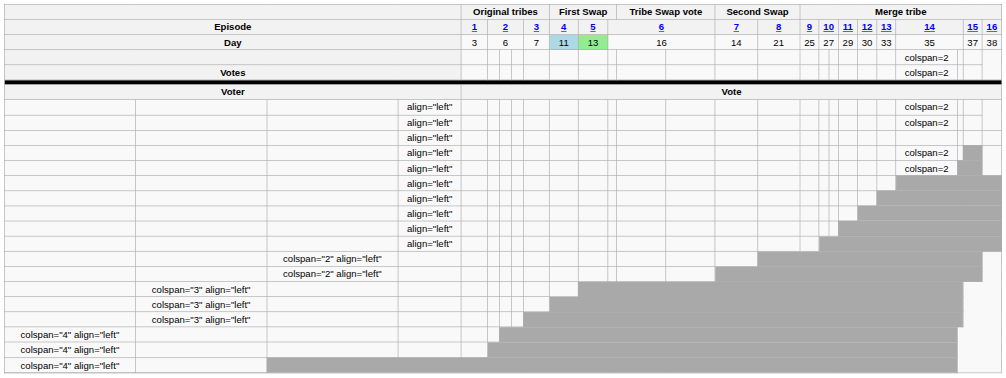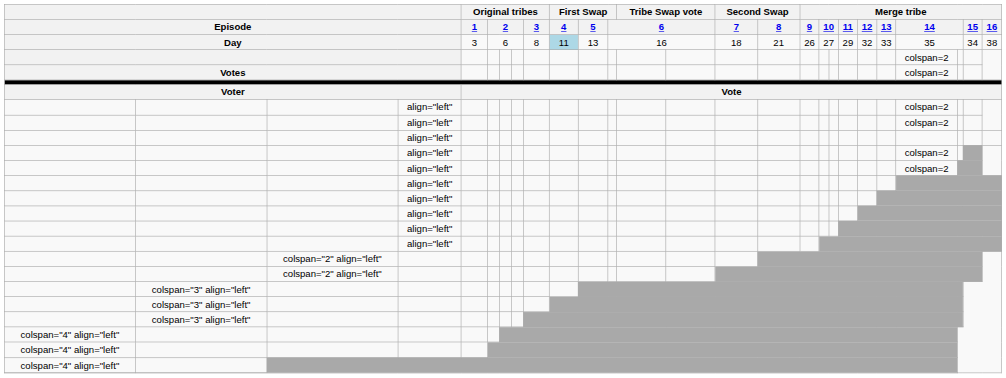 <table class="wikitable" style="text-align:center; font-size:95%; width:100%">
 <tr>
 <th colspan="4"></th>
 <th colspan="5">Original tribes</th>
 <th colspan="3">First Swap</th>
 <th colspan="2">Tribe Swap vote</th>
 <th colspan="2">Second Swap</th>
 <th colspan="10">Merge tribe</th>
 </tr>
 <tr>
 <th colspan="4">Episode</th>
 <th><a href='#'>1</a></th>
 <th colspan="3"><a href='#'>2</a></th>
 <th><a href='#'>3</a></th>
 <th><a href='#'>4</a></th>
 <th><a href='#'>5</a></th>
 <th colspan="3"><a href='#'>6</a></th>
 <th><a href='#'>7</a></th>
 <th><a href='#'>8</a></th>
 <th><a href='#'>9</a></th>
 <th colspan="2"><a href='#'>10</a></th>
 <th><a href='#'>11</a></th>
 <th><a href='#'>12</a></th>
 <th><a href='#'>13</a></th>
 <th colspan="2"><a href='#'>14</a></th>
 <th><a href='#'>15</a></th>
 <th><a href='#'>16</a></th>
 </tr>
 <tr>
 <th colspan="4">Day</th>
 <td>3</td>
 <td colspan="3">6</td>
-<td>7</td>
+<td>8</td>
 <td style="background: lightblue;">11</td>
-<td style="background: lightgreen;">13</td>
+<td>13</td>
 <td colspan="3">16</td>
-<td>14</td>
+<td>18</td>
 <td>21</td>
-<td>25</td>
+<td>26</td>
 <td colspan="2">27</td>
 <td>29</td>
-<td>30</td>
+<td>32</td>
 <td>33</td>
 <td colspan=2>35</td>
-<td>37</td>
+<td>34</td>
 <td>38</td>
 </tr>
 <tr>
 <th colspan="4"></th>
 <td></td>
 <td></td>
 <td></td>
 <td></td>
 <td></td>
 <td></td>
 <td></td>
 <td></td>
 <td></td>
 <td></td>
 <td></td>
 <td></td>
 <td></td>
 <td></td>
 <td></td>
 <td></td>
 <td></td>
 <td></td>
 <td>colspan=2 </td>
 <td></td>
 <td></td>
 </tr>
 <tr>
 <th colspan="4">Votes</th>
 <td></td>
 <td></td>
 <td></td>
 <td></td>
 <td></td>
 <td></td>
 <td></td>
 <td></td>
 <td></td>
 <td></td>
 <td></td>
 <td></td>
 <td></td>
 <td></td>
 <td></td>
 <td></td>
 <td></td>
 <td></td>
 <td>colspan=2 </td>
 <td></td>
 <td></td>
 </tr>
 <tr>
 <td bgcolor=black colspan=26></td>
 </tr>
 <tr>
 <th colspan="4">Voter</th>
 <th colspan="22">Vote</th>
 </tr>
 <tr>
 <td></td>
 <td></td>
 <td></td>
 <td>align="left" </td>
 <td></td>
 <td></td>
 <td></td>
 <td></td>
 <td></td>
 <td></td>
 <td></td>
 <td></td>
 <td></td>
 <td></td>
 <td></td>
 <td></td>
 <td></td>
 <td></td>
 <td></td>
 <td></td>
 <td></td>
 <td></td>
 <td>colspan=2 </td>
 <td></td>
 <td></td>
 </tr>
 <tr>
 <td></td>
 <td></td>
 <td></td>
 <td>align="left" </td>
 <td></td>
 <td></td>
 <td></td>
 <td></td>
 <td></td>
 <td></td>
 <td></td>
 <td></td>
 <td></td>
 <td></td>
 <td></td>
 <td></td>
 <td></td>
 <td></td>
 <td></td>
 <td></td>
 <td></td>
 <td></td>
 <td>colspan=2 </td>
 <td></td>
 <td></td>
 </tr>
 <tr>
 <td></td>
 <td></td>
 <td></td>
 <td>align="left" </td>
 <td></td>
 <td></td>
 <td></td>
 <td></td>
 <td></td>
 <td></td>
 <td></td>
 <td></td>
 <td></td>
 <td></td>
 <td></td>
 <td></td>
 <td></td>
 <td></td>
 <td></td>
 <td></td>
 <td></td>
 <td></td>
 <td></td>
 <td></td>
 <td></td>
 <td></td>
 </tr>
 <tr>
 <td></td>
 <td></td>
 <td></td>
 <td>align="left" </td>
 <td></td>
 <td></td>
 <td></td>
 <td></td>
 <td></td>
 <td></td>
 <td></td>
 <td></td>
 <td></td>
 <td></td>
 <td></td>
 <td></td>
 <td></td>
 <td></td>
 <td></td>
 <td></td>
 <td></td>
 <td></td>
 <td>colspan=2 </td>
 <td></td>
 <td colspan="1" style="background:darkgray;"></td>
 </tr>
 <tr>
 <td></td>
 <td></td>
 <td></td>
 <td>align="left" </td>
 <td></td>
 <td></td>
 <td></td>
 <td></td>
 <td></td>
 <td></td>
 <td></td>
 <td></td>
 <td></td>
 <td></td>
 <td></td>
 <td></td>
 <td></td>
 <td></td>
 <td></td>
 <td></td>
 <td></td>
 <td></td>
 <td>colspan=2 </td>
 <td colspan="2" style="background:darkgray;"></td>
 </tr>
 <tr>
 <td></td>
 <td></td>
 <td></td>
 <td>align="left" </td>
 <td></td>
 <td></td>
 <td></td>
 <td></td>
 <td></td>
 <td></td>
 <td></td>
 <td></td>
 <td></td>
 <td></td>
 <td></td>
 <td></td>
 <td></td>
 <td></td>
 <td></td>
 <td></td>
 <td></td>
 <td></td>
 <td colspan="4" style="background:darkgray;"></td>
 </tr>
 <tr>
 <td></td>
 <td></td>
 <td></td>
 <td>align="left" </td>
 <td></td>
 <td></td>
 <td></td>
 <td></td>
 <td></td>
 <td></td>
 <td></td>
 <td></td>
 <td></td>
 <td></td>
 <td></td>
 <td></td>
 <td></td>
 <td></td>
 <td></td>
 <td></td>
 <td></td>
 <td colspan="5" style="background:darkgray;"></td>
 </tr>
 <tr>
 <td></td>
 <td></td>
 <td></td>
 <td>align="left" </td>
 <td></td>
 <td></td>
 <td></td>
 <td></td>
 <td></td>
 <td></td>
 <td></td>
 <td></td>
 <td></td>
 <td></td>
 <td></td>
 <td></td>
 <td></td>
 <td></td>
 <td></td>
 <td></td>
 <td colspan="6" style="background:darkgray;"></td>
 </tr>
 <tr>
 <td></td>
 <td></td>
 <td></td>
 <td>align="left" </td>
 <td></td>
 <td></td>
 <td></td>
 <td></td>
 <td></td>
 <td></td>
 <td></td>
 <td></td>
 <td></td>
 <td></td>
 <td></td>
 <td></td>
 <td></td>
 <td></td>
 <td></td>
 <td colspan="7" style="background:darkgray;"></td>
 </tr>
 <tr>
 <td></td>
 <td></td>
 <td></td>
 <td>align="left" </td>
 <td></td>
 <td></td>
 <td></td>
 <td></td>
 <td></td>
 <td></td>
 <td></td>
 <td></td>
 <td></td>
 <td></td>
 <td></td>
 <td></td>
 <td></td>
 <td colspan="9" style="background:darkgray;"></td>
 </tr>
 <tr>
 <td></td>
 <td></td>
 <td>colspan="2" align="left" </td>
 <td></td>
 <td></td>
 <td></td>
 <td></td>
 <td></td>
 <td></td>
 <td></td>
 <td></td>
 <td></td>
 <td></td>
 <td></td>
 <td></td>
 <td colspan="10" style="background:darkgray;"></td>
 </tr>
 <tr>
 <td></td>
 <td></td>
 <td>colspan="2" align="left" </td>
 <td></td>
 <td></td>
 <td></td>
 <td></td>
 <td></td>
 <td></td>
 <td></td>
 <td></td>
 <td></td>
 <td></td>
 <td></td>
 <td colspan="11" style="background:darkgray;"></td>
 </tr>
 <tr>
 <td></td>
 <td>colspan="3" align="left" </td>
 <td></td>
 <td></td>
 <td></td>
 <td></td>
 <td></td>
 <td></td>
 <td></td>
 <td></td>
 <td colspan="14" style="background:darkgray;"></td>
 </tr>
 <tr>
 <td></td>
 <td>colspan="3" align="left" </td>
 <td></td>
 <td></td>
 <td></td>
 <td></td>
 <td></td>
 <td></td>
 <td></td>
 <td colspan="15" style="background:darkgrey;"></td>
 </tr>
 <tr>
 <td></td>
 <td>colspan="3" align="left" </td>
 <td></td>
 <td></td>
 <td></td>
 <td></td>
 <td></td>
 <td></td>
 <td colspan="16" style="background:darkgrey;"></td>
 </tr>
 <tr>
 <td>colspan="4" align="left" </td>
 <td></td>
 <td></td>
 <td></td>
 <td></td>
 <td></td>
 <td colspan="17" style="background:darkgrey;"></td>
 </tr>
 <tr>
 <td>colspan="4" align="left" </td>
 <td></td>
 <td></td>
 <td></td>
 <td></td>
 <td colspan="18" style="background:darkgrey;"></td>
 </tr>
 <tr>
 <td>colspan="4" align="left" </td>
 <td></td>
 <td colspan="21" style="background:darkgrey;"></td>
 </tr>
 <tr>
 </tr>
 </table>
